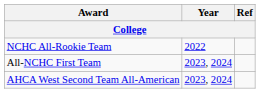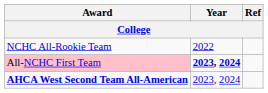 <table class="wikitable">
 <tr>
 <th>Award</th>
 <th>Year</th>
 <th>Ref</th>
 </tr>
 <tr>
 <th colspan="3"><a href='#'>College</a></th>
 </tr>
 <tr>
 <td><a href='#'>NCHC All-Rookie Team</a></td>
 <td><a href='#'>2022</a></td>
 <td></td>
 </tr>
 <tr>
-<td>All-<a href='#'>NCHC First Team</a></td>
-<td><a href='#'>2023</a>, <a href='#'>2024</a></td>
+<td style="background: pink;">All-<a href='#'>NCHC First Team</a></td>
+<td><strong><a href='#'>2023</a>, <a href='#'>2024</a></strong></td>
 <td></td>
 </tr>
 <tr>
-<td><a href='#'>AHCA West Second Team All-American</a></td>
+<td><strong><a href='#'>AHCA West Second Team All-American</a></strong></td>
 <td><a href='#'>2023</a>, <a href='#'>2024</a></td>
 <td></td>
 </tr>
 </table>
